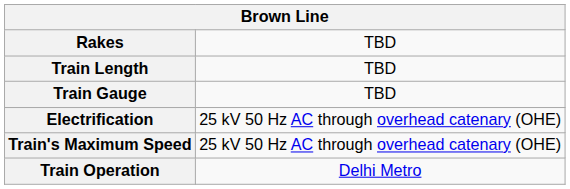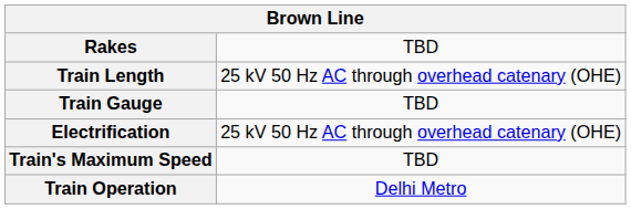 <table class="wikitable" style="text-align:center">
 <tr>
 <th colspan="2" style="background:#"><span>Brown Line</span></th>
 </tr>
 <tr>
 <th>Rakes</th>
 <td>TBD</td>
 </tr>
 <tr>
 <th>Train Length</th>
-<td>TBD</td>
+<td>25 kV 50 Hz <a href='#'>AC</a> through <a href='#'>overhead catenary</a> (OHE)</td>
 </tr>
 <tr>
 <th>Train Gauge</th>
 <td>TBD</td>
 </tr>
 <tr>
 <th>Electrification</th>
 <td>25 kV 50 Hz <a href='#'>AC</a> through <a href='#'>overhead catenary</a> (OHE)</td>
 </tr>
 <tr>
 <th>Train's Maximum Speed</th>
-<td>25 kV 50 Hz <a href='#'>AC</a> through <a href='#'>overhead catenary</a> (OHE)</td>
+<td>TBD</td>
 </tr>
 <tr>
 <th>Train Operation</th>
 <td><a href='#'>Delhi Metro</a></td>
 </tr>
 </table>
